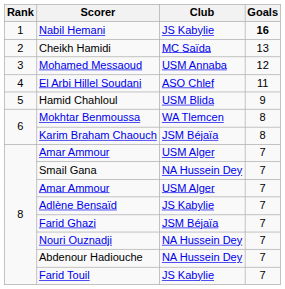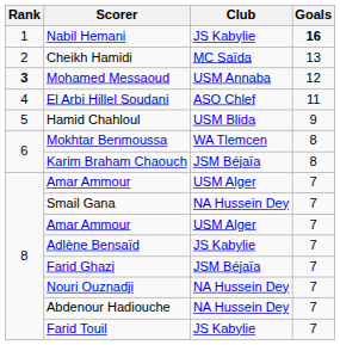 <table class="wikitable" style="text-align:center">
 <tr>
 <th>Rank</th>
 <th>Scorer</th>
 <th>Club</th>
 <th>Goals</th>
 </tr>
 <tr>
 <td>1</td>
 <td align="left"> <a href='#'>Nabil Hemani</a></td>
 <td align="left"><a href='#'>JS Kabylie</a></td>
 <td><strong>16</strong></td>
 </tr>
 <tr>
 <td>2</td>
 <td align="left"> Cheikh Hamidi</td>
 <td align="left"><a href='#'>MC Saïda</a></td>
 <td>13</td>
 </tr>
 <tr>
-<td>3</td>
+<td><strong>3</strong></td>
 <td align="left"> <a href='#'>Mohamed Messaoud</a></td>
 <td align="left"><a href='#'>USM Annaba</a></td>
 <td>12</td>
 </tr>
 <tr>
 <td>4</td>
 <td align="left"> <a href='#'>El Arbi Hillel Soudani</a></td>
 <td align="left"><a href='#'>ASO Chlef</a></td>
 <td>11</td>
 </tr>
 <tr>
 <td>5</td>
 <td align="left"> Hamid Chahloul</td>
 <td align="left"><a href='#'>USM Blida</a></td>
 <td>9</td>
 </tr>
 <tr>
 <td align=center rowspan="2">6</td>
 <td align="left"> <a href='#'>Mokhtar Benmoussa</a></td>
 <td align="left"><a href='#'>WA Tlemcen</a></td>
 <td>8</td>
 </tr>
 <tr>
 <td align="left"> <a href='#'>Karim Braham Chaouch</a></td>
 <td align="left"><a href='#'>JSM Béjaïa</a></td>
 <td>8</td>
 </tr>
 <tr>
 <td align=center rowspan="8">8</td>
 <td align="left"> <a href='#'>Amar Ammour</a></td>
 <td align="left"><a href='#'>USM Alger</a></td>
 <td>7</td>
 </tr>
 <tr>
 <td align="left"> Smail Gana</td>
 <td align="left"><a href='#'>NA Hussein Dey</a></td>
 <td>7</td>
 </tr>
 <tr>
 <td align="left"> <a href='#'>Amar Ammour</a></td>
 <td align="left"><a href='#'>USM Alger</a></td>
 <td>7</td>
 </tr>
 <tr>
 <td align="left"> <a href='#'>Adlène Bensaïd</a></td>
 <td align="left"><a href='#'>JS Kabylie</a></td>
 <td>7</td>
 </tr>
 <tr>
 <td align="left"> <a href='#'>Farid Ghazi</a></td>
 <td align="left"><a href='#'>JSM Béjaïa</a></td>
 <td>7</td>
 </tr>
 <tr>
 <td align="left"> <a href='#'>Nouri Ouznadji</a></td>
 <td align="left"><a href='#'>NA Hussein Dey</a></td>
 <td>7</td>
 </tr>
 <tr>
 <td align="left"> Abdenour Hadiouche</td>
 <td align="left"><a href='#'>NA Hussein Dey</a></td>
 <td>7</td>
 </tr>
 <tr>
 <td align="left"> <a href='#'>Farid Touil</a></td>
 <td align="left"><a href='#'>JS Kabylie</a></td>
 <td>7</td>
 </tr>
 </table>
